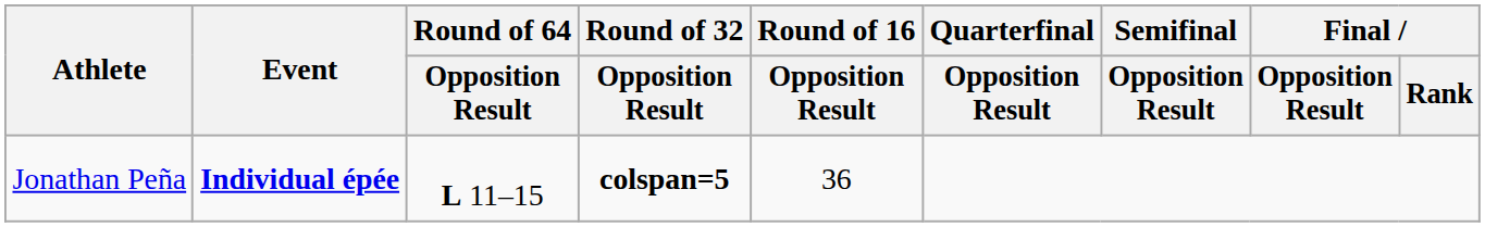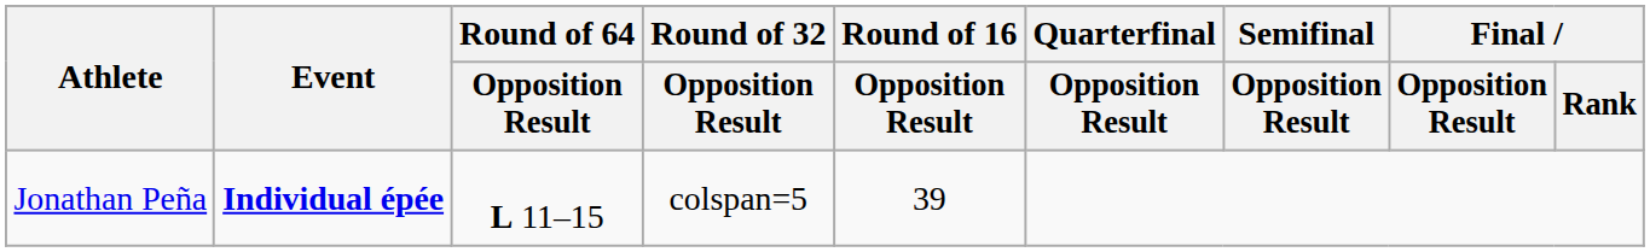 <table class=wikitable style=font-size:90%;text-align:center>
 <tr>
 <th rowspan=2>Athlete</th>
 <th rowspan=2>Event</th>
 <th>Round of 64</th>
 <th>Round of 32</th>
 <th>Round of 16</th>
 <th>Quarterfinal</th>
 <th>Semifinal</th>
 <th colspan=2>Final / </th>
 </tr>
 <tr style=font-size:95%>
 <th>Opposition<br>Result</th>
 <th>Opposition<br>Result</th>
 <th>Opposition<br>Result</th>
 <th>Opposition<br>Result</th>
 <th>Opposition<br>Result</th>
 <th>Opposition<br>Result</th>
 <th>Rank</th>
 </tr>
 <tr>
 <td align=left><a href='#'>Jonathan Peña</a></td>
 <td align=left><strong><a href='#'>Individual épée</a></strong></td>
 <td><br><strong>L</strong> 11–15</td>
-<td><strong>colspan=5 </strong></td>
-<td>36</td>
+<td>colspan=5 </td>
+<td>39</td>
 </tr>
 </table>
